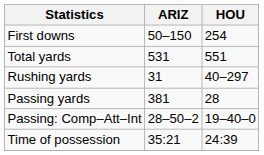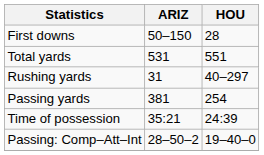 <table class="wikitable" style="float: left;">
 <tr>
 <th>Statistics</th>
 <th>ARIZ</th>
 <th>HOU</th>
 </tr>
 <tr>
 <td>First downs</td>
 <td>50–150</td>
-<td>254</td>
+<td>28</td>
 </tr>
 <tr>
 <td>Total yards</td>
 <td>531</td>
 <td>551</td>
 </tr>
 <tr>
 <td>Rushing yards</td>
 <td>31</td>
 <td>40–297</td>
 </tr>
 <tr>
 <td>Passing yards</td>
 <td>381</td>
-<td>28</td>
+<td>254</td>
+</tr>
+<tr>
+<td>Time of possession</td>
+<td>35:21</td>
+<td>24:39</td>
 </tr>
 <tr>
 <td>Passing: Comp–Att–Int</td>
 <td>28–50–2</td>
 <td>19–40–0</td>
 </tr>
 <tr>
-<td>Time of possession</td>
-<td>35:21</td>
-<td>24:39</td>
-</tr>
-<tr>
 </tr>
 </table>
